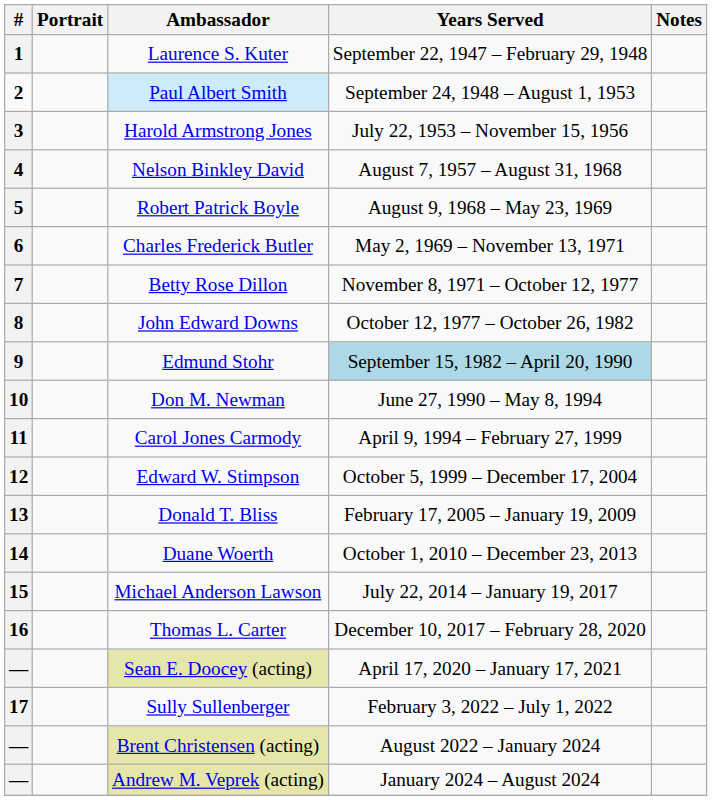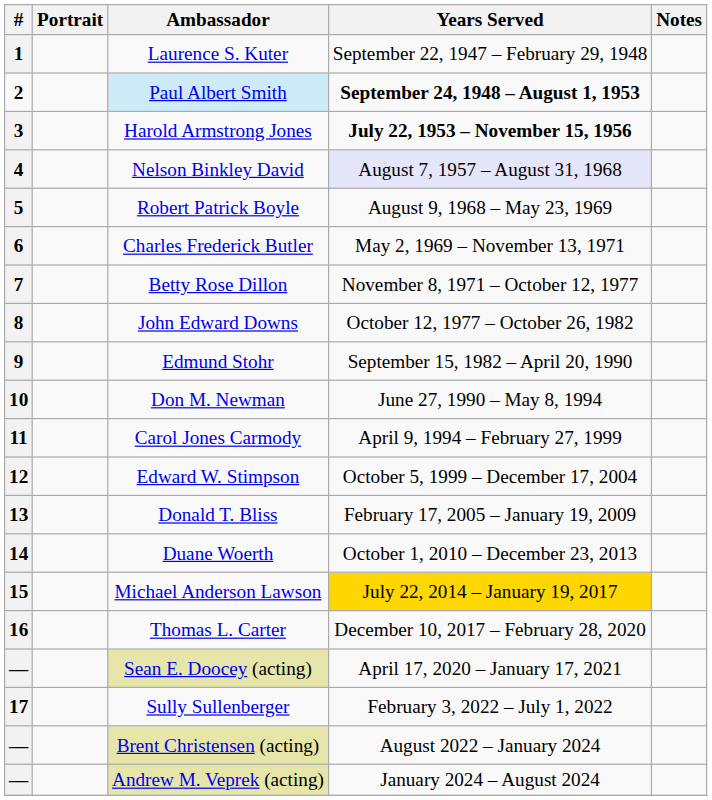 <table class="wikitable" style="text-align:center;">
 <tr>
 <th>#</th>
 <th>Portrait</th>
 <th>Ambassador</th>
 <th>Years Served</th>
 <th>Notes</th>
 </tr>
 <tr style="height:2em">
 <th>1</th>
 <td></td>
 <td><a href='#'>Laurence S. Kuter</a></td>
 <td nowrap="">September 22, 1947 – February 29, 1948</td>
 <td></td>
 </tr>
 <tr style="height:2em">
 <td><strong>2</strong></td>
 <td></td>
 <td bgcolor="#cdebf9"><a href='#'>Paul Albert Smith</a></td>
-<td>September 24, 1948 – August 1, 1953<br></td>
+<td><strong>September 24, 1948 – August 1, 1953<br></strong></td>
 <td></td>
 </tr>
 <tr style="height:2em">
 <th>3</th>
 <td></td>
 <td><a href='#'>Harold Armstrong Jones</a></td>
-<td nowrap="">July 22, 1953 – November 15, 1956</td>
+<td nowrap=""><strong>July 22, 1953 – November 15, 1956</strong></td>
 <td></td>
 </tr>
 <tr style="height:2em">
 <th>4</th>
 <td></td>
 <td><a href='#'>Nelson Binkley David</a></td>
-<td nowrap="">August 7, 1957 – August 31, 1968</td>
+<td nowrap="" style="background: lavender;">August 7, 1957 – August 31, 1968</td>
 <td></td>
 </tr>
 <tr style="height:2em">
 <th>5</th>
 <td></td>
 <td><a href='#'>Robert Patrick Boyle</a></td>
 <td nowrap="">August 9, 1968 – May 23, 1969</td>
 <td></td>
 </tr>
 <tr style="height:2em">
 <th>6</th>
 <td></td>
 <td><a href='#'>Charles Frederick Butler</a></td>
 <td nowrap="">May 2, 1969 – November 13, 1971</td>
 <td></td>
 </tr>
 <tr style="height:2em">
 <th>7</th>
 <td></td>
 <td><a href='#'>Betty Rose Dillon</a></td>
 <td nowrap="">November 8, 1971 – October 12, 1977</td>
 <td></td>
 </tr>
 <tr style="height:2em">
 <th>8</th>
 <td></td>
 <td><a href='#'>John Edward Downs</a></td>
 <td nowrap="">October 12, 1977 – October 26, 1982</td>
 <td></td>
 </tr>
 <tr style="height:2em">
 <th>9</th>
 <td></td>
 <td><a href='#'>Edmund Stohr</a></td>
-<td nowrap="" style="background: lightblue;">September 15, 1982 – April 20, 1990</td>
+<td nowrap="">September 15, 1982 – April 20, 1990</td>
 <td></td>
 </tr>
 <tr style="height:2em">
 <th>10</th>
 <td></td>
 <td><a href='#'>Don M. Newman</a></td>
 <td nowrap="">June 27, 1990 – May 8, 1994</td>
 <td></td>
 </tr>
 <tr style="height:2em">
 <th>11</th>
 <td></td>
 <td><a href='#'>Carol Jones Carmody</a></td>
 <td nowrap="">April 9, 1994 – February 27, 1999</td>
 <td></td>
 </tr>
 <tr style="height:2em">
 <th>12</th>
 <td></td>
 <td><a href='#'>Edward W. Stimpson</a></td>
 <td nowrap="">October 5, 1999 – December 17, 2004</td>
 <td></td>
 </tr>
 <tr style="height:2em">
 <th>13</th>
 <td></td>
 <td><a href='#'>Donald T. Bliss</a></td>
 <td nowrap="">February 17, 2005 – January 19, 2009</td>
 <td></td>
 </tr>
 <tr style="height:2em">
 <th>14</th>
 <td></td>
 <td><a href='#'>Duane Woerth</a></td>
 <td nowrap="">October 1, 2010 – December 23, 2013</td>
 <td></td>
 </tr>
 <tr style="height:2em">
 <th>15</th>
 <td></td>
 <td><a href='#'>Michael Anderson Lawson</a></td>
-<td nowrap="">July 22, 2014 – January 19, 2017</td>
+<td nowrap="" style="background: gold;">July 22, 2014 – January 19, 2017</td>
 <td></td>
 </tr>
 <tr style="height:2em">
 <th>16</th>
 <td></td>
 <td><a href='#'>Thomas L. Carter</a></td>
 <td nowrap="">December 10, 2017 – February 28, 2020</td>
 <td></td>
 </tr>
 <tr style="height:2em">
 <th>—</th>
 <td></td>
 <td bgcolor=#E6E6AA><a href='#'>Sean E. Doocey</a> (acting)</td>
 <td nowrap="">April 17, 2020 – January 17, 2021</td>
 <td></td>
 </tr>
 <tr style="height:2em">
 <th>17</th>
 <td></td>
 <td><a href='#'>Sully Sullenberger</a></td>
 <td nowrap="">February 3, 2022 – July 1, 2022</td>
 <td></td>
 </tr>
 <tr style="height:2em">
 <th>—</th>
 <td></td>
 <td bgcolor=#E6E6AA><a href='#'>Brent Christensen</a> (acting)</td>
 <td nowrap="">August 2022 – January 2024</td>
 <td></td>
 </tr>
 <tr>
 <th>—</th>
 <td></td>
 <td bgcolor=#E6E6AA><a href='#'>Andrew M. Veprek</a> (acting)</td>
 <td nowrap="">January 2024 – August 2024</td>
 <td></td>
 </tr>
 <tr>
 </tr>
 </table>
